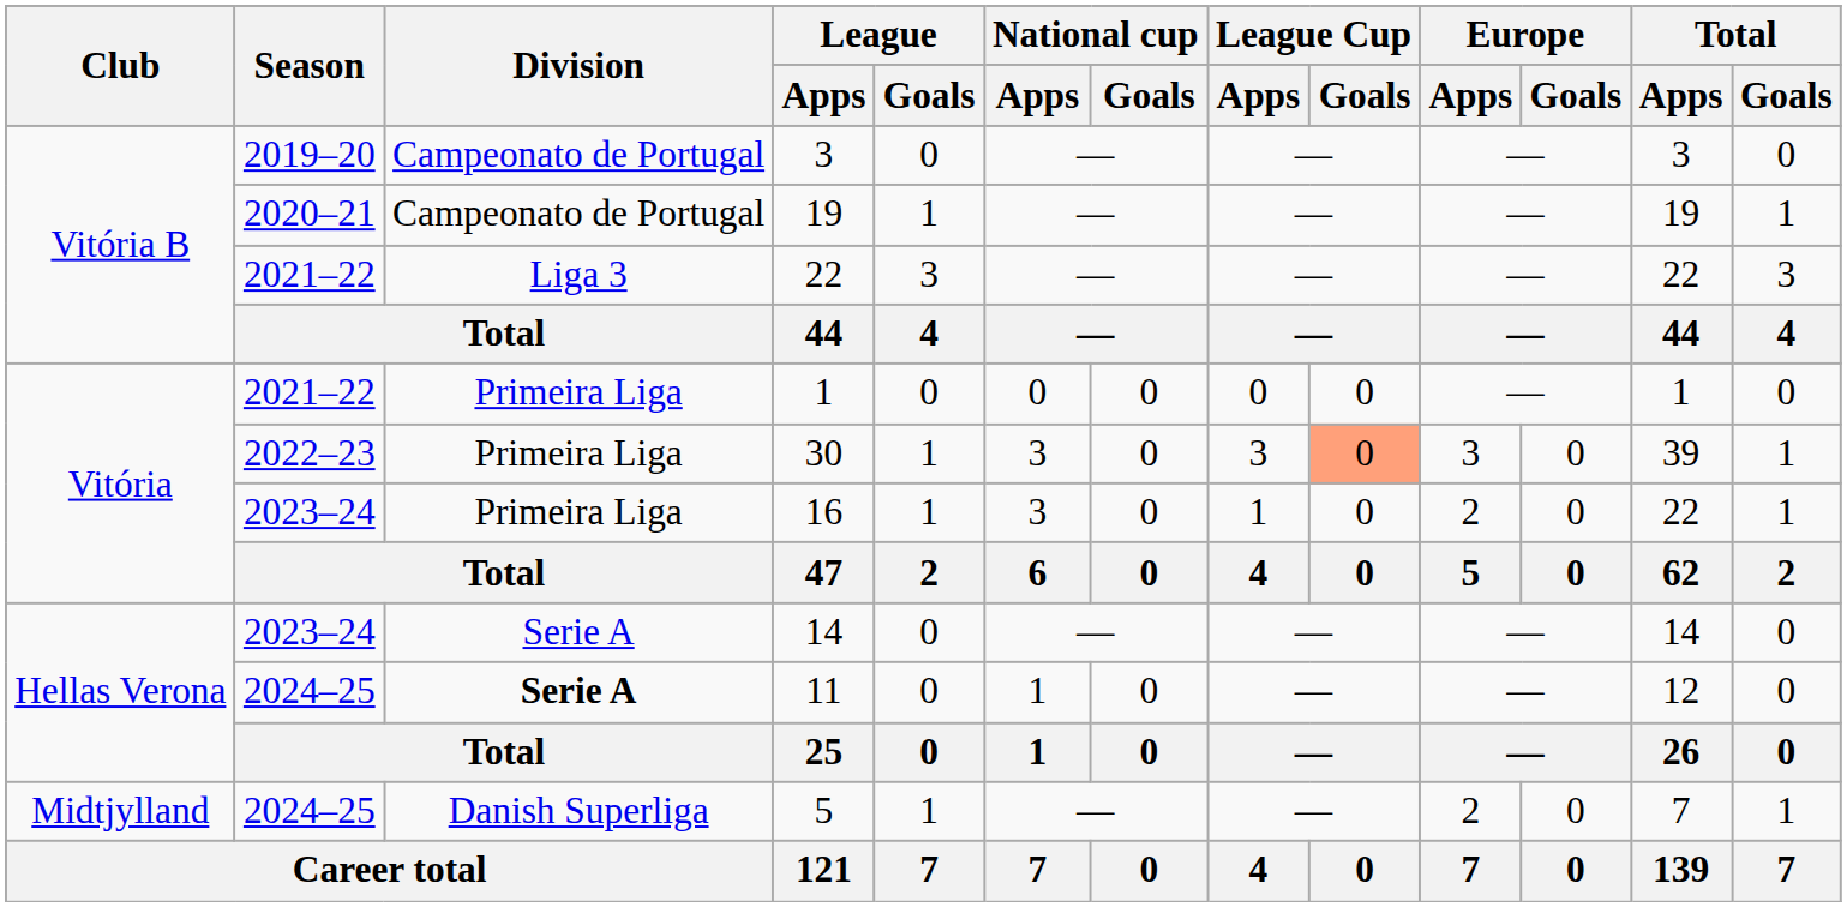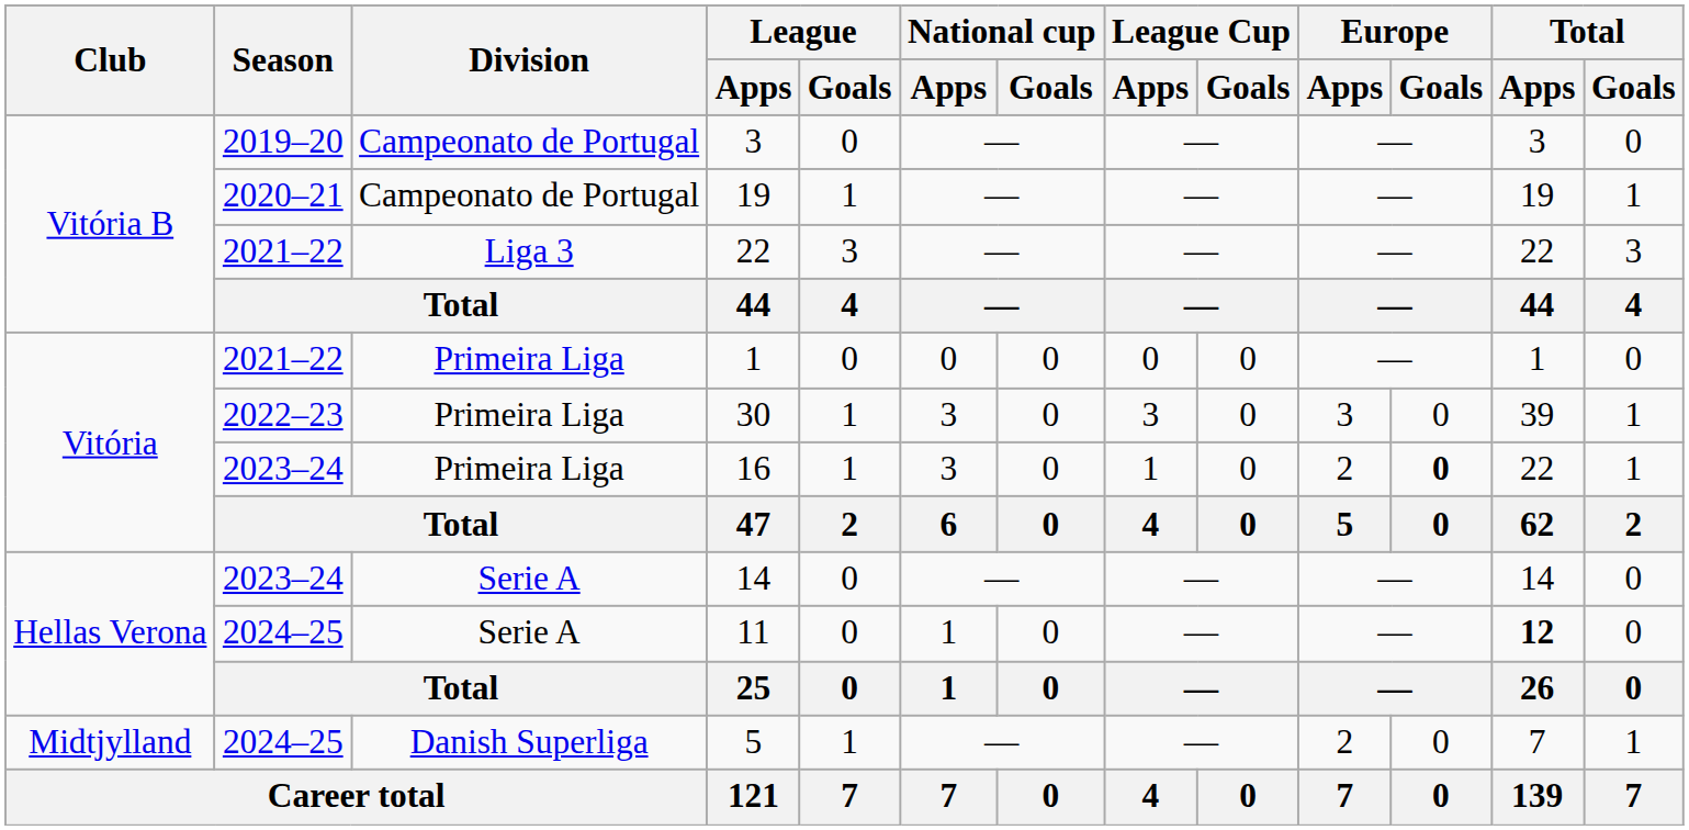 <table class="wikitable" style="text-align: center">
 <tr>
 <th rowspan="2">Club</th>
 <th rowspan="2">Season</th>
 <th rowspan="2">Division</th>
 <th colspan="2">League</th>
 <th colspan="2">National cup</th>
 <th colspan="2">League Cup</th>
 <th colspan="2">Europe</th>
 <th colspan="2">Total</th>
 </tr>
 <tr>
 <th>Apps</th>
 <th>Goals</th>
 <th>Apps</th>
 <th>Goals</th>
 <th>Apps</th>
 <th>Goals</th>
 <th>Apps</th>
 <th>Goals</th>
 <th>Apps</th>
 <th>Goals</th>
 </tr>
 <tr>
 <td rowspan="4"><a href='#'>Vitória B</a></td>
 <td><a href='#'>2019–20</a></td>
 <td><a href='#'>Campeonato de Portugal</a></td>
 <td>3</td>
 <td>0</td>
 <td colspan="2">—</td>
 <td colspan="2">—</td>
 <td colspan="2">—</td>
 <td>3</td>
 <td>0</td>
 </tr>
 <tr>
 <td><a href='#'>2020–21</a></td>
 <td>Campeonato de Portugal</td>
 <td>19</td>
 <td>1</td>
 <td colspan="2">—</td>
 <td colspan="2">—</td>
 <td colspan="2">—</td>
 <td>19</td>
 <td>1</td>
 </tr>
 <tr>
 <td><a href='#'>2021–22</a></td>
 <td><a href='#'>Liga 3</a></td>
 <td>22</td>
 <td>3</td>
 <td colspan="2">—</td>
 <td colspan="2">—</td>
 <td colspan="2">—</td>
 <td>22</td>
 <td>3</td>
 </tr>
 <tr>
 <th colspan="2">Total</th>
 <th>44</th>
 <th>4</th>
 <th colspan="2">—</th>
 <th colspan="2">—</th>
 <th colspan="2">—</th>
 <th>44</th>
 <th>4</th>
 </tr>
 <tr>
 <td rowspan="4"><a href='#'>Vitória</a></td>
 <td><a href='#'>2021–22</a></td>
 <td><a href='#'>Primeira Liga</a></td>
 <td>1</td>
 <td>0</td>
 <td>0</td>
 <td>0</td>
 <td>0</td>
 <td>0</td>
 <td colspan="2">—</td>
 <td>1</td>
 <td>0</td>
 </tr>
 <tr>
 <td><a href='#'>2022–23</a></td>
 <td>Primeira Liga</td>
 <td>30</td>
 <td>1</td>
 <td>3</td>
 <td>0</td>
 <td>3</td>
-<td style="background: lightsalmon;">0</td>
+<td>0</td>
 <td>3</td>
 <td>0</td>
 <td>39</td>
 <td>1</td>
 </tr>
 <tr>
 <td><a href='#'>2023–24</a></td>
 <td>Primeira Liga</td>
 <td>16</td>
 <td>1</td>
 <td>3</td>
 <td>0</td>
 <td>1</td>
 <td>0</td>
 <td>2</td>
-<td>0</td>
+<td><strong>0</strong></td>
 <td>22</td>
 <td>1</td>
 </tr>
 <tr>
 <th colspan="2">Total</th>
 <th>47</th>
 <th>2</th>
 <th>6</th>
 <th>0</th>
 <th>4</th>
 <th>0</th>
 <th>5</th>
 <th>0</th>
 <th>62</th>
 <th>2</th>
 </tr>
 <tr>
 <td rowspan="3"><a href='#'>Hellas Verona</a></td>
 <td><a href='#'>2023–24</a></td>
 <td><a href='#'>Serie A</a></td>
 <td>14</td>
 <td>0</td>
 <td colspan="2">—</td>
 <td colspan="2">—</td>
 <td colspan="2">—</td>
 <td>14</td>
 <td>0</td>
 </tr>
 <tr>
 <td><a href='#'>2024–25</a></td>
-<td><strong>Serie A</strong></td>
+<td>Serie A</td>
 <td>11</td>
 <td>0</td>
 <td>1</td>
 <td>0</td>
 <td colspan="2">—</td>
 <td colspan="2">—</td>
-<td>12</td>
+<td><strong>12</strong></td>
 <td>0</td>
 </tr>
 <tr>
 <th colspan="2">Total</th>
 <th>25</th>
 <th>0</th>
 <th>1</th>
 <th>0</th>
 <th colspan="2">—</th>
 <th colspan="2">—</th>
 <th>26</th>
 <th>0</th>
 </tr>
 <tr>
 <td><a href='#'>Midtjylland</a></td>
 <td><a href='#'>2024–25</a></td>
 <td><a href='#'>Danish Superliga</a></td>
 <td>5</td>
 <td>1</td>
 <td colspan="2">—</td>
 <td colspan="2">—</td>
 <td>2</td>
 <td>0</td>
 <td>7</td>
 <td>1</td>
 </tr>
 <tr>
 <th colspan="3">Career total</th>
 <th>121</th>
 <th>7</th>
 <th>7</th>
 <th>0</th>
 <th>4</th>
 <th>0</th>
 <th>7</th>
 <th>0</th>
 <th>139</th>
 <th>7</th>
 </tr>
 </table>
